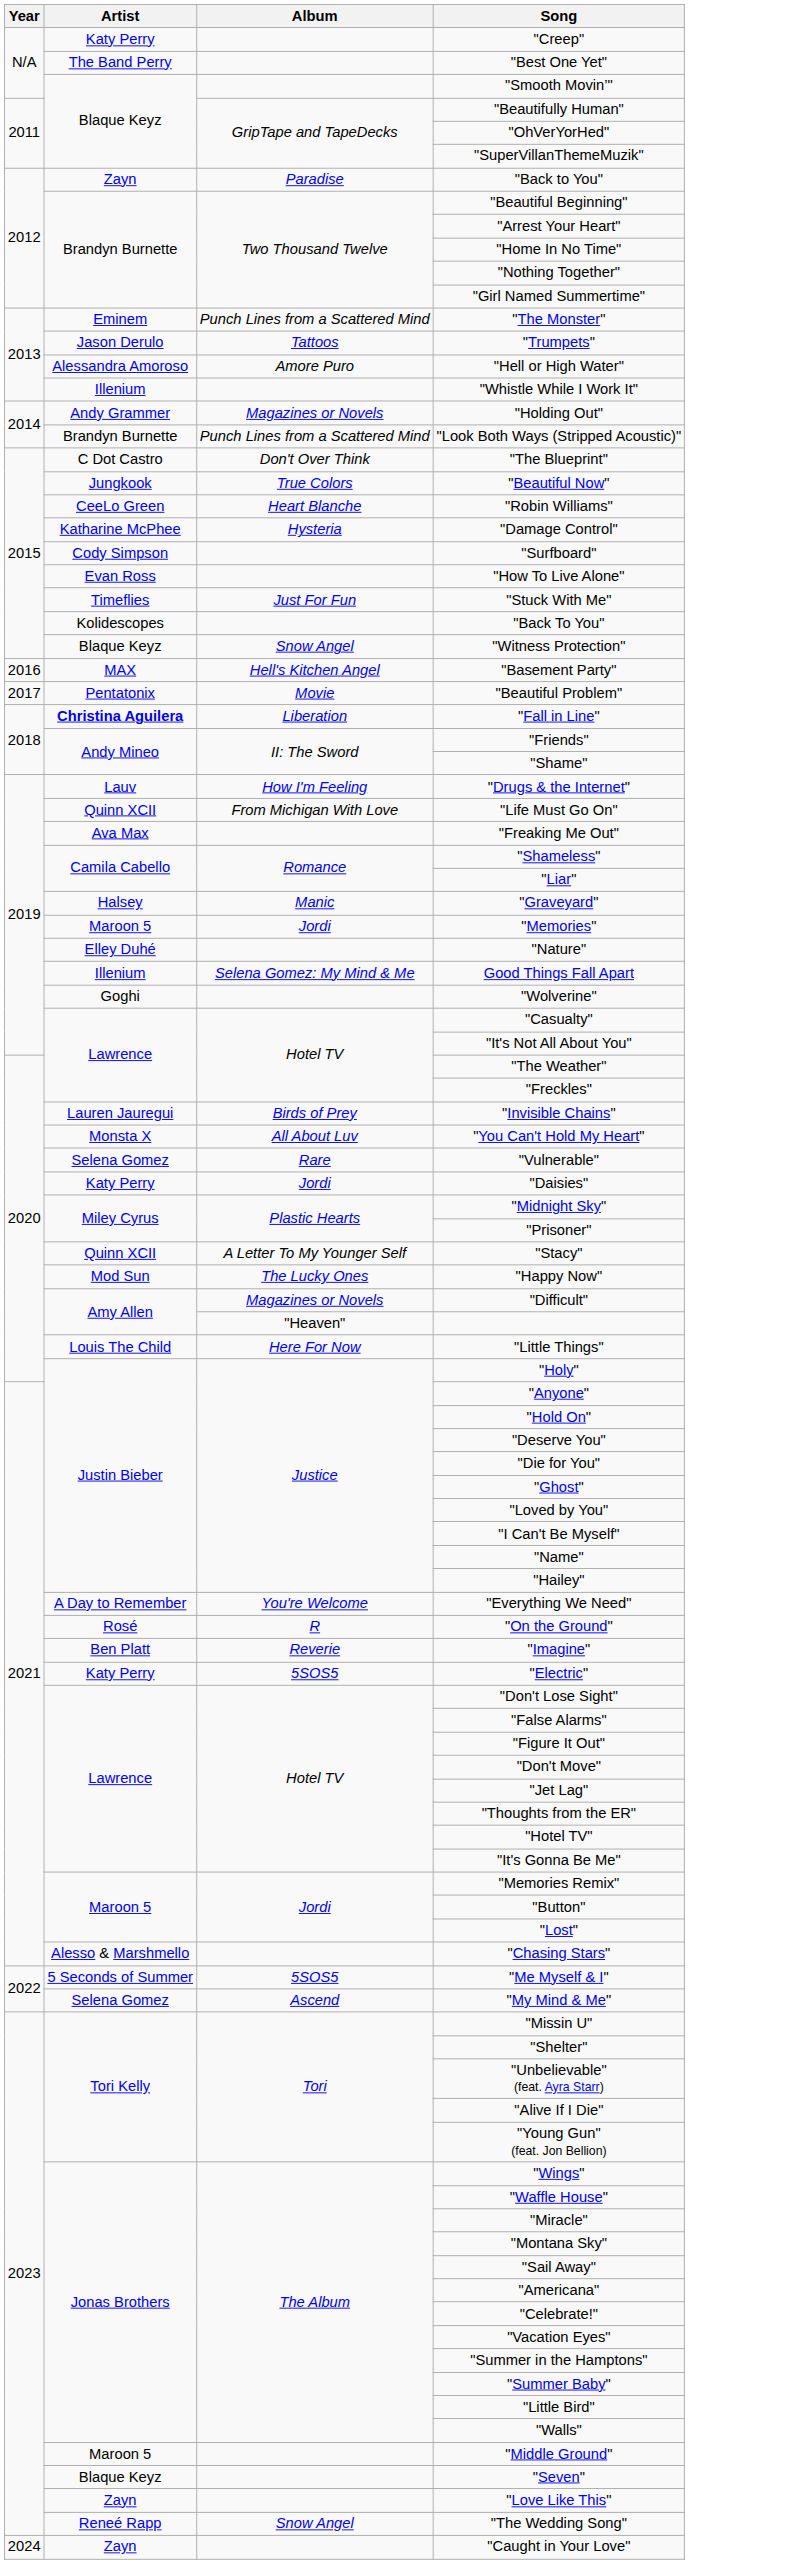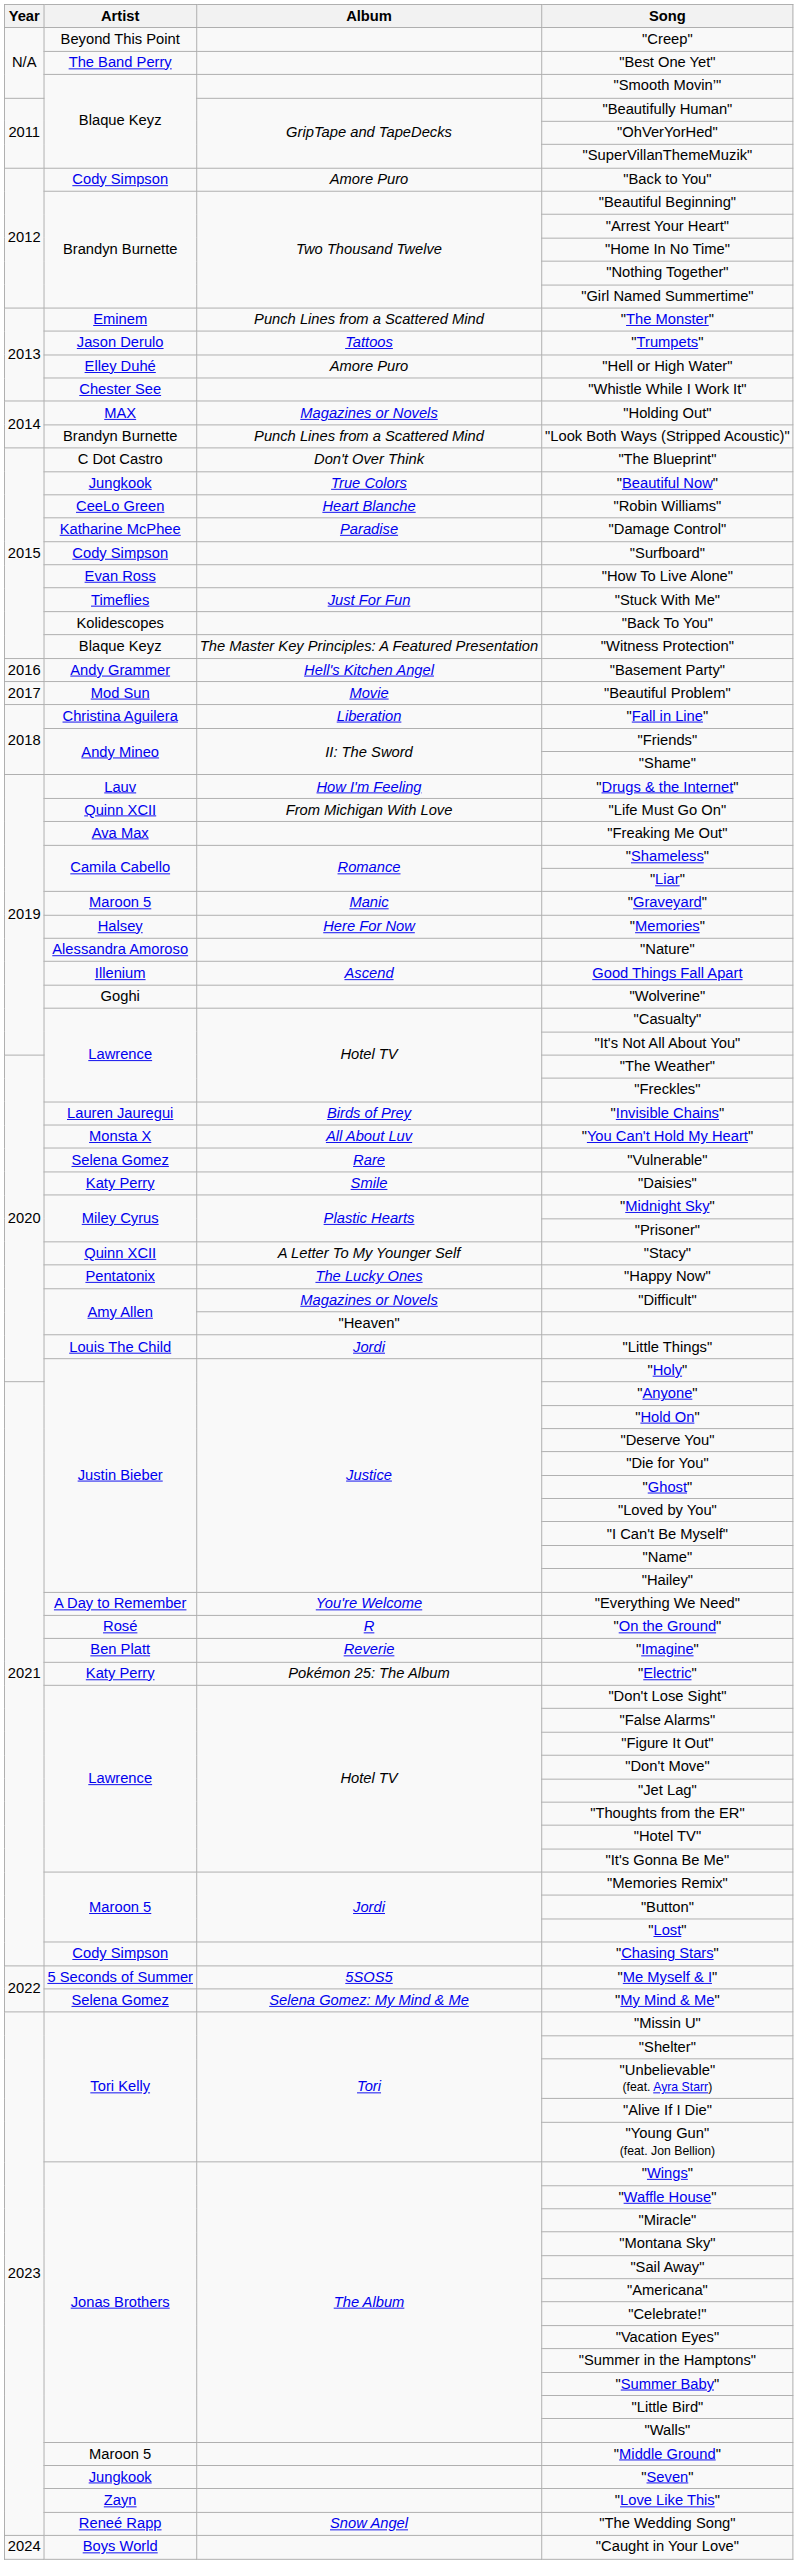 <table class="wikitable plainrowheaders" style="text-align:center;">
 <tr>
 <th scope="col">Year</th>
 <th scope="col">Artist</th>
 <th scope="col">Album</th>
 <th scope="col">Song</th>
 </tr>
 <tr>
 <td rowspan="3">N/A</td>
-<td><a href='#'>Katy Perry</a></td>
+<td>Beyond This Point</td>
 <td></td>
 <td>"Creep"<br></td>
 </tr>
 <tr>
 <td><a href='#'>The Band Perry</a></td>
 <td></td>
 <td>"Best One Yet"</td>
 </tr>
 <tr>
 <td rowspan="4">Blaque Keyz</td>
 <td></td>
 <td>"Smooth Movin’"<br></td>
 </tr>
 <tr>
 <td rowspan="3">2011</td>
 <td rowspan="3"><em>GripTape and TapeDecks</em></td>
 <td>"Beautifully Human"</td>
 </tr>
 <tr>
 <td>"OhVerYorHed"<br></td>
 </tr>
 <tr>
 <td>"SuperVillanThemeMuzik"<br></td>
 </tr>
 <tr>
 <td rowspan="6">2012</td>
-<td><a href='#'>Zayn</a></td>
-<td><a href='#'><em>Paradise</em></a></td>
+<td><a href='#'>Cody Simpson</a></td>
+<td><em>Amore Puro</em></td>
 <td>"Back to You"</td>
 </tr>
 <tr>
 <td rowspan="5">Brandyn Burnette</td>
 <td rowspan="5"><em>Two Thousand Twelve</em></td>
 <td>"Beautiful Beginning"</td>
 </tr>
 <tr>
 <td>"Arrest Your Heart"</td>
 </tr>
 <tr>
 <td>"Home In No Time"</td>
 </tr>
 <tr>
 <td>"Nothing Together"</td>
 </tr>
 <tr>
 <td>"Girl Named Summertime"</td>
 </tr>
 <tr>
 <td rowspan="4">2013</td>
 <td><a href='#'>Eminem</a><br></td>
 <td><em>Punch Lines from a Scattered Mind</em></td>
 <td>"<a href='#'>The Monster</a>"</td>
 </tr>
 <tr>
 <td><a href='#'>Jason Derulo</a></td>
 <td><a href='#'><em>Tattoos</em></a></td>
 <td>"<a href='#'>Trumpets</a>"</td>
 </tr>
 <tr>
-<td><a href='#'>Alessandra Amoroso</a></td>
+<td><a href='#'>Elley Duhé</a></td>
 <td><em>Amore Puro</em></td>
 <td>"Hell or High Water"</td>
 </tr>
 <tr>
-<td><a href='#'>Illenium</a></td>
+<td><a href='#'>Chester See</a></td>
 <td></td>
 <td>"Whistle While I Work It"<br></td>
 </tr>
 <tr>
 <td rowspan="2">2014</td>
-<td><a href='#'>Andy Grammer</a></td>
+<td><a href='#'>MAX</a></td>
 <td><em><a href='#'>Magazines or Novels</a></em></td>
 <td>"Holding Out"</td>
 </tr>
 <tr>
 <td>Brandyn Burnette</td>
 <td><em>Punch Lines from a Scattered Mind</em></td>
 <td>"Look Both Ways (Stripped Acoustic)"</td>
 </tr>
 <tr>
 <td rowspan="9">2015</td>
 <td>C Dot Castro</td>
 <td><em>Don't Over Think</em></td>
 <td>"The Blueprint"<br></td>
 </tr>
 <tr>
 <td><a href='#'>Jungkook</a></td>
 <td><a href='#'><em>True Colors</em></a></td>
 <td>"<a href='#'>Beautiful Now</a>"<br></td>
 </tr>
 <tr>
 <td><a href='#'>CeeLo Green</a></td>
 <td><em><a href='#'>Heart Blanche</a></em></td>
 <td>"Robin Williams"</td>
 </tr>
 <tr>
 <td><a href='#'>Katharine McPhee</a></td>
-<td><a href='#'><em>Hysteria</em></a></td>
+<td><a href='#'><em>Paradise</em></a></td>
 <td>"Damage Control"</td>
 </tr>
 <tr>
 <td><a href='#'>Cody Simpson</a></td>
 <td></td>
 <td>"Surfboard"</td>
 </tr>
 <tr>
 <td><a href='#'>Evan Ross</a></td>
 <td></td>
 <td>"How To Live Alone"</td>
 </tr>
 <tr>
 <td><a href='#'>Timeflies</a></td>
 <td><em><a href='#'>Just For Fun</a></em></td>
 <td>"Stuck With Me"</td>
 </tr>
 <tr>
 <td>Kolidescopes</td>
 <td></td>
 <td>"Back To You"</td>
 </tr>
 <tr>
 <td>Blaque Keyz</td>
-<td><em><a href='#'>Snow Angel</a></em></td>
+<td><em>The Master Key Principles: A Featured Presentation</em></td>
 <td>"Witness Protection"<br></td>
 </tr>
 <tr>
 <td>2016</td>
-<td><a href='#'>MAX</a></td>
+<td><a href='#'>Andy Grammer</a></td>
 <td><em><a href='#'>Hell's Kitchen Angel</a></em></td>
 <td>"Basement Party"</td>
 </tr>
 <tr>
 <td>2017</td>
-<td><a href='#'>Pentatonix</a></td>
+<td><a href='#'>Mod Sun</a></td>
 <td><em><a href='#'>Movie</a></em></td>
 <td>"Beautiful Problem"</td>
 </tr>
 <tr>
 <td rowspan="3">2018</td>
-<td><strong><a href='#'>Christina Aguilera</a></strong></td>
+<td><a href='#'>Christina Aguilera</a></td>
 <td><em><a href='#'>Liberation</a></em></td>
 <td>"<a href='#'>Fall in Line</a>"<br></td>
 </tr>
 <tr>
 <td rowspan="2"><a href='#'>Andy Mineo</a></td>
 <td rowspan="2"><em>II: The Sword</em></td>
 <td>"Friends"</td>
 </tr>
 <tr>
 <td>"Shame"<br></td>
 </tr>
 <tr>
 <td rowspan="12">2019</td>
 <td><a href='#'>Lauv</a></td>
 <td><em><a href='#'>How I'm Feeling</a></em></td>
 <td>"<a href='#'>Drugs & the Internet</a>"</td>
 </tr>
 <tr>
 <td><a href='#'>Quinn XCII</a></td>
 <td><em>From Michigan With Love</em></td>
 <td>"Life Must Go On"</td>
 </tr>
 <tr>
 <td><a href='#'>Ava Max</a></td>
 <td></td>
 <td>"Freaking Me Out"</td>
 </tr>
 <tr>
 <td rowspan=2><a href='#'>Camila Cabello</a></td>
 <td rowspan=2><em><a href='#'>Romance</a></em></td>
 <td>"<a href='#'>Shameless</a>"</td>
 </tr>
 <tr>
 <td>"<a href='#'>Liar</a>"</td>
 </tr>
 <tr>
-<td><a href='#'>Halsey</a></td>
+<td><a href='#'>Maroon 5</a></td>
 <td><em><a href='#'>Manic</a></em></td>
 <td>"<a href='#'>Graveyard</a>"</td>
 </tr>
 <tr>
-<td><a href='#'>Maroon 5</a></td>
-<td><em><a href='#'>Jordi</a></em></td>
+<td><a href='#'>Halsey</a></td>
+<td><em><a href='#'>Here For Now</a></em></td>
 <td>"<a href='#'>Memories</a>"</td>
 </tr>
 <tr>
-<td><a href='#'>Elley Duhé</a></td>
+<td><a href='#'>Alessandra Amoroso</a></td>
 <td></td>
 <td>"Nature"</td>
 </tr>
 <tr>
 <td><a href='#'>Illenium</a></td>
-<td><em><a href='#'>Selena Gomez: My Mind & Me</a></em></td>
+<td><em><a href='#'>Ascend</a></em></td>
 <td><a href='#'>Good Things Fall Apart</a><br></td>
 </tr>
 <tr>
 <td>Goghi</td>
 <td></td>
 <td>"Wolverine"</td>
 </tr>
 <tr>
 <td rowspan="4"><a href='#'>Lawrence</a></td>
 <td rowspan="4"><em>Hotel TV</em></td>
 <td>"Casualty"</td>
 </tr>
 <tr>
 <td>"It's Not All About You"</td>
 </tr>
 <tr>
 <td rowspan="14">2020</td>
 <td>"The Weather"</td>
 </tr>
 <tr>
 <td>"Freckles"</td>
 </tr>
 <tr>
 <td><a href='#'>Lauren Jauregui</a></td>
 <td><em><a href='#'>Birds of Prey</a></em></td>
 <td>"<a href='#'>Invisible Chains</a>"</td>
 </tr>
 <tr>
 <td><a href='#'>Monsta X</a></td>
 <td><em><a href='#'>All About Luv</a></em></td>
 <td>"<a href='#'>You Can't Hold My Heart</a>"</td>
 </tr>
 <tr>
 <td><a href='#'>Selena Gomez</a></td>
 <td><em><a href='#'>Rare</a></em></td>
 <td>"Vulnerable"</td>
 </tr>
 <tr>
 <td><a href='#'>Katy Perry</a></td>
-<td><em><a href='#'>Jordi</a></em></td>
+<td><em><a href='#'>Smile</a></em></td>
 <td>"Daisies"</td>
 </tr>
 <tr>
 <td rowspan="2"><a href='#'>Miley Cyrus</a></td>
 <td rowspan="2"><em><a href='#'>Plastic Hearts</a></em></td>
 <td>"<a href='#'>Midnight Sky</a>"</td>
 </tr>
 <tr>
 <td>"Prisoner"<br></td>
 </tr>
 <tr>
 <td><a href='#'>Quinn XCII</a></td>
 <td><em>A Letter To My Younger Self</em></td>
 <td>"Stacy"</td>
 </tr>
 <tr>
-<td><a href='#'>Mod Sun</a></td>
+<td><a href='#'>Pentatonix</a></td>
 <td><em><a href='#'>The Lucky Ones</a></em></td>
 <td>"Happy Now"</td>
 </tr>
 <tr>
 <td rowspan="2"><a href='#'>Amy Allen</a></td>
 <td><em><a href='#'>Magazines or Novels</a></em></td>
 <td>"Difficult"</td>
 </tr>
 <tr>
 <td>"Heaven"</td>
 </tr>
 <tr>
 <td><a href='#'>Louis The Child</a></td>
-<td><em><a href='#'>Here For Now</a></em></td>
+<td><em><a href='#'>Jordi</a></em></td>
 <td>"Little Things"<br></td>
 </tr>
 <tr>
 <td rowspan="10"><a href='#'>Justin Bieber</a></td>
 <td rowspan="10"><em><a href='#'>Justice</a></em></td>
 <td>"<a href='#'>Holy</a>"<br></td>
 </tr>
 <tr>
 <td rowspan="25">2021</td>
 <td>"<a href='#'>Anyone</a>"</td>
 </tr>
 <tr>
 <td>"<a href='#'>Hold On</a>"</td>
 </tr>
 <tr>
 <td>"Deserve You"</td>
 </tr>
 <tr>
 <td>"Die for You" <br></td>
 </tr>
 <tr>
 <td>"<a href='#'>Ghost</a>"</td>
 </tr>
 <tr>
 <td>"Loved by You"<br></td>
 </tr>
 <tr>
 <td>"I Can't Be Myself"<br></td>
 </tr>
 <tr>
 <td>"Name"<br></td>
 </tr>
 <tr>
 <td>"Hailey"</td>
 </tr>
 <tr>
 <td><a href='#'>A Day to Remember</a></td>
 <td><em><a href='#'>You're Welcome</a></em></td>
 <td>"Everything We Need"</td>
 </tr>
 <tr>
 <td><a href='#'>Rosé</a></td>
 <td><em><a href='#'>R</a></em></td>
 <td>"<a href='#'>On the Ground</a>"</td>
 </tr>
 <tr>
 <td><a href='#'>Ben Platt</a></td>
 <td><em><a href='#'>Reverie</a></em></td>
 <td>"<a href='#'>Imagine</a>"</td>
 </tr>
 <tr>
 <td><a href='#'>Katy Perry</a></td>
-<td><em><a href='#'>5SOS5</a></em></td>
+<td><em>Pokémon 25: The Album</em></td>
 <td>"<a href='#'>Electric</a>"</td>
 </tr>
 <tr>
 <td rowspan="8"><a href='#'>Lawrence</a></td>
 <td rowspan="8"><em>Hotel TV</em></td>
 <td>"Don't Lose Sight"</td>
 </tr>
 <tr>
 <td>"False Alarms"<br></td>
 </tr>
 <tr>
 <td>"Figure It Out"</td>
 </tr>
 <tr>
 <td>"Don't Move"</td>
 </tr>
 <tr>
 <td>"Jet Lag"</td>
 </tr>
 <tr>
 <td>"Thoughts from the ER"</td>
 </tr>
 <tr>
 <td>"Hotel TV"</td>
 </tr>
 <tr>
 <td>"It's Gonna Be Me"<br></td>
 </tr>
 <tr>
 <td rowspan="3"><a href='#'>Maroon 5</a></td>
 <td rowspan="3"><em><a href='#'>Jordi</a></em></td>
 <td>"Memories Remix"<br></td>
 </tr>
 <tr>
 <td>"Button"<br></td>
 </tr>
 <tr>
 <td>"<a href='#'>Lost</a>"</td>
 </tr>
 <tr>
-<td><a href='#'>Alesso</a> & <a href='#'>Marshmello</a></td>
+<td><a href='#'>Cody Simpson</a></td>
 <td></td>
 <td>"<a href='#'>Chasing Stars</a>"<br></td>
 </tr>
 <tr>
 <td rowspan="2">2022</td>
 <td><a href='#'>5 Seconds of Summer</a></td>
 <td><em><a href='#'>5SOS5</a></em></td>
 <td>"<a href='#'>Me Myself & I</a>"</td>
 </tr>
 <tr>
 <td><a href='#'>Selena Gomez</a></td>
-<td><em><a href='#'>Ascend</a></em></td>
+<td><em><a href='#'>Selena Gomez: My Mind & Me</a></em></td>
 <td>"<a href='#'>My Mind & Me</a>"</td>
 </tr>
 <tr>
 <td rowspan="21">2023</td>
 <td rowspan="5"><a href='#'>Tori Kelly</a></td>
 <td rowspan="5"><em><a href='#'>Tori</a></em></td>
 <td>"Missin U"</td>
 </tr>
 <tr>
 <td>"Shelter"</td>
 </tr>
 <tr>
 <td>"Unbelievable"<br><small>(feat. <a href='#'>Ayra Starr</a>)</small></td>
 </tr>
 <tr>
 <td>"Alive If I Die"</td>
 </tr>
 <tr>
 <td>"Young Gun"<br><small>(feat. Jon Bellion)</small></td>
 </tr>
 <tr>
 <td rowspan="12"><a href='#'>Jonas Brothers</a></td>
 <td rowspan="12"><em><a href='#'>The Album</a></em></td>
 <td>"<a href='#'>Wings</a>"</td>
 </tr>
 <tr>
 <td>"<a href='#'>Waffle House</a>"</td>
 </tr>
 <tr>
 <td>"Miracle"</td>
 </tr>
 <tr>
 <td>"Montana Sky"</td>
 </tr>
 <tr>
 <td>"Sail Away"</td>
 </tr>
 <tr>
 <td>"Americana"</td>
 </tr>
 <tr>
 <td>"Celebrate!"</td>
 </tr>
 <tr>
 <td>"Vacation Eyes"</td>
 </tr>
 <tr>
 <td>"Summer in the Hamptons"</td>
 </tr>
 <tr>
 <td>"<a href='#'>Summer Baby</a>"</td>
 </tr>
 <tr>
 <td>"Little Bird"</td>
 </tr>
 <tr>
 <td>"Walls"<br></td>
 </tr>
 <tr>
 <td>Maroon 5</td>
 <td></td>
 <td>"<a href='#'>Middle Ground</a>"</td>
 </tr>
 <tr>
-<td>Blaque Keyz</td>
+<td><a href='#'>Jungkook</a></td>
 <td></td>
 <td>"<a href='#'>Seven</a>"<br></td>
 </tr>
 <tr>
 <td><a href='#'>Zayn</a></td>
 <td></td>
 <td>"<a href='#'>Love Like This</a>"</td>
 </tr>
 <tr>
 <td><a href='#'>Reneé Rapp</a></td>
 <td><em><a href='#'>Snow Angel</a></em></td>
 <td>"The Wedding Song"</td>
 </tr>
 <tr>
 <td>2024</td>
-<td><a href='#'>Zayn</a></td>
+<td><a href='#'>Boys World</a></td>
 <td></td>
 <td>"Caught in Your Love"</td>
 </tr>
 </table>
